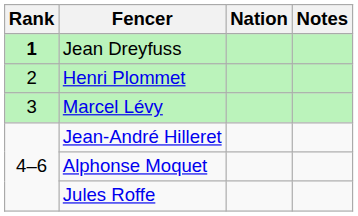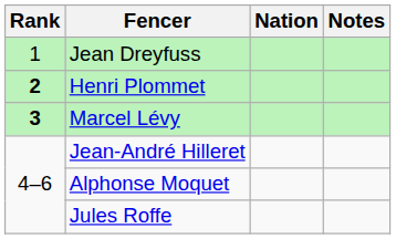 <table class="wikitable sortable" style="text-align:center">
 <tr>
 <th>Rank</th>
 <th>Fencer</th>
 <th>Nation</th>
 <th>Notes</th>
 </tr>
 <tr bgcolor=bbf3bb>
-<td><strong>1</strong></td>
+<td>1</td>
 <td align=left>Jean Dreyfuss</td>
 <td align=left></td>
 <td></td>
 </tr>
 <tr bgcolor=bbf3bb>
-<td>2</td>
+<td><strong>2</strong></td>
 <td align=left><a href='#'>Henri Plommet</a></td>
 <td align=left></td>
 <td></td>
 </tr>
 <tr bgcolor=bbf3bb>
-<td>3</td>
+<td><strong>3</strong></td>
 <td align=left><a href='#'>Marcel Lévy</a></td>
 <td align=left></td>
 <td></td>
 </tr>
 <tr>
 <td rowspan=3 align=center>4–6</td>
 <td align=left><a href='#'>Jean-André Hilleret</a></td>
 <td align=left></td>
 <td></td>
 </tr>
 <tr>
 <td align=left><a href='#'>Alphonse Moquet</a></td>
 <td align=left></td>
 <td></td>
 </tr>
 <tr>
 <td align=left><a href='#'>Jules Roffe</a></td>
 <td align=left></td>
 <td></td>
 </tr>
 </table>
